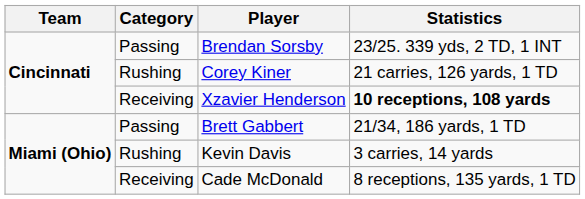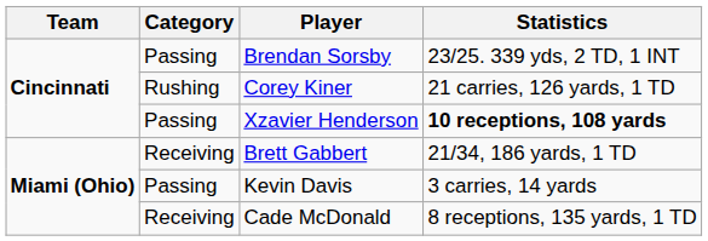 <table class="wikitable" style="float: right;">
 <tr>
 <th>Team</th>
 <th>Category</th>
 <th>Player</th>
 <th>Statistics</th>
 </tr>
 <tr>
 <td rowspan=3><strong>Cincinnati</strong></td>
 <td>Passing</td>
 <td><a href='#'>Brendan Sorsby</a></td>
 <td>23/25. 339 yds, 2 TD, 1 INT</td>
 </tr>
 <tr>
 <td>Rushing</td>
 <td><a href='#'>Corey Kiner</a></td>
 <td>21 carries, 126 yards, 1 TD</td>
 </tr>
 <tr>
-<td>Receiving</td>
+<td>Passing</td>
 <td><a href='#'>Xzavier Henderson</a></td>
 <td><strong>10 receptions, 108 yards</strong></td>
 </tr>
 <tr>
 <td rowspan=3><strong>Miami (Ohio)</strong></td>
-<td>Passing</td>
+<td>Receiving</td>
 <td><a href='#'>Brett Gabbert</a></td>
 <td>21/34, 186 yards, 1 TD</td>
 </tr>
 <tr>
-<td>Rushing</td>
+<td>Passing</td>
 <td>Kevin Davis</td>
 <td>3 carries, 14 yards</td>
 </tr>
 <tr>
 <td>Receiving</td>
 <td>Cade McDonald</td>
 <td>8 receptions, 135 yards, 1 TD</td>
 </tr>
 </table>
